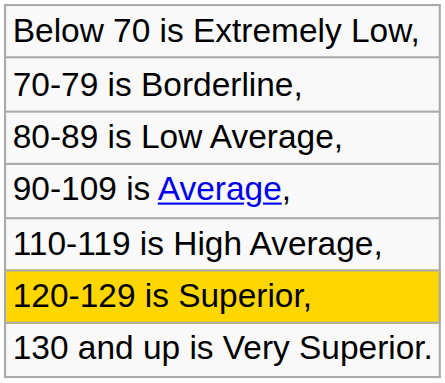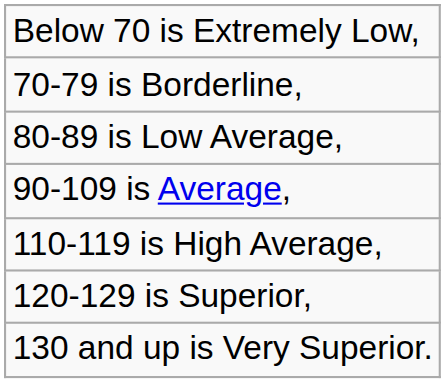 <table class="wikitable" border="1">
 <tr>
 <td>Below 70 is Extremely Low,</td>
 </tr>
 <tr>
 <td>70-79 is Borderline,</td>
 </tr>
 <tr>
 <td>80-89 is Low Average,</td>
 </tr>
 <tr>
 <td>90-109 is <a href='#'>Average</a>,</td>
 </tr>
 <tr>
 <td>110-119 is High Average,</td>
 </tr>
 <tr>
-<td style="background: gold;">120-129 is Superior,</td>
+<td>120-129 is Superior,</td>
 </tr>
 <tr>
 <td>130 and up is Very Superior.</td>
 </tr>
 </table>
